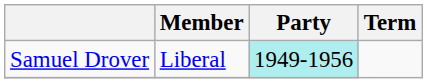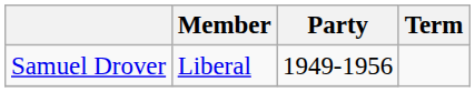 <table class="wikitable">
 <tr>
 <th> </th>
 <th>Member</th>
 <th>Party</th>
 <th>Term</th>
 </tr>
 <tr>
 <td><a href='#'>Samuel Drover</a></td>
 <td><a href='#'>Liberal</a></td>
-<td style="background: paleturquoise;">1949-1956</td>
+<td>1949-1956</td>
 </tr>
 <tr>
 </tr>
 </table>
